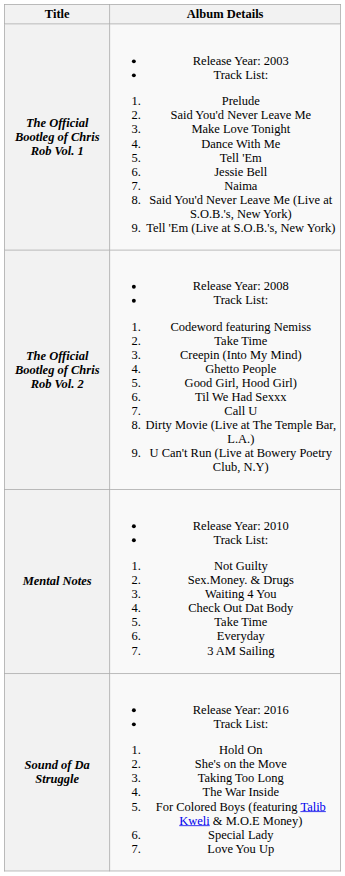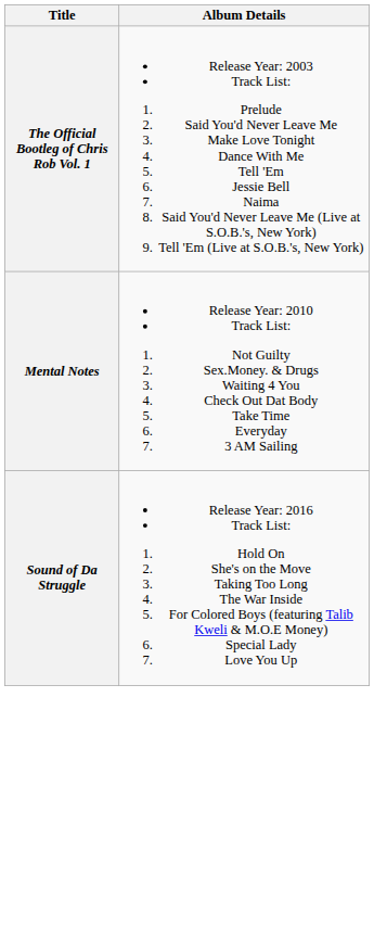 <table class="wikitable sortable" style="text-align:center;">
 <tr>
 <th style="width:8em;">Title</th>
 <th style="width:18em;">Album Details</th>
 </tr>
 <tr>
 <th scope="row"><em>The Official Bootleg of Chris Rob Vol. 1</em></th>
 <td><br><ul><li>Release Year: 2003</li><li>Track List:</li></ul><ol><li>Prelude</li><li>Said You'd Never Leave Me</li><li>Make Love Tonight</li><li>Dance With Me</li><li>Tell 'Em</li><li>Jessie Bell</li><li>Naima</li><li>Said You'd Never Leave Me (Live at S.O.B.'s, New York)</li><li>Tell 'Em (Live at S.O.B.'s, New York)</li></ol></td>
 </tr>
 <tr>
-<th scope="row"><em>The Official Bootleg of Chris Rob Vol. 2</em></th>
-<td><br><ul><li>Release Year: 2008</li><li>Track List:</li></ul><ol><li>Codeword featuring Nemiss</li><li>Take Time</li><li>Creepin (Into My Mind)</li><li>Ghetto People</li><li>Good Girl, Hood Girl)</li><li>Til We Had Sexxx</li><li>Call U</li><li>Dirty Movie (Live at The Temple Bar, L.A.)</li><li>U Can't Run (Live at Bowery Poetry Club, N.Y)</li></ol></td>
-</tr>
-<tr>
 <th scope="row"><em>Mental Notes</em></th>
 <td><br><ul><li>Release Year: 2010</li><li>Track List:</li></ul><ol><li>Not Guilty</li><li>Sex.Money. & Drugs</li><li>Waiting 4 You</li><li>Check Out Dat Body</li><li>Take Time</li><li>Everyday</li><li>3 AM Sailing</li></ol></td>
 </tr>
 <tr>
 <th scope="row"><em>Sound of Da Struggle</em></th>
 <td><br><ul><li>Release Year: 2016</li><li>Track List:</li></ul><ol><li>Hold On</li><li>She's on the Move</li><li>Taking Too Long</li><li>The War Inside</li><li>For Colored Boys (featuring <a href='#'>Talib Kweli</a> & M.O.E Money)</li><li>Special Lady</li><li>Love You Up</li></ol></td>
 </tr>
 </table>
